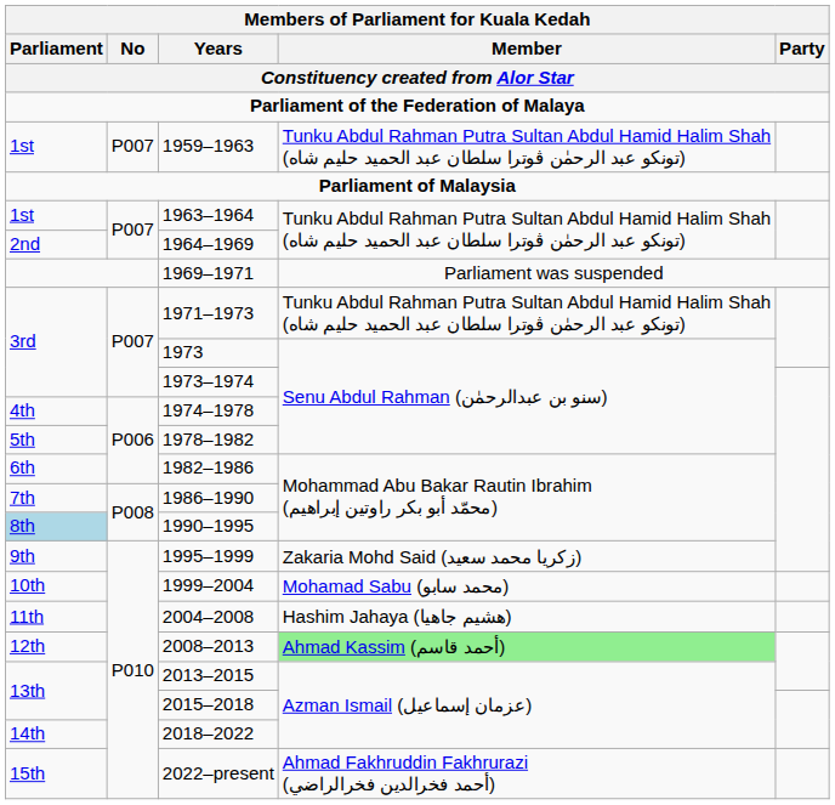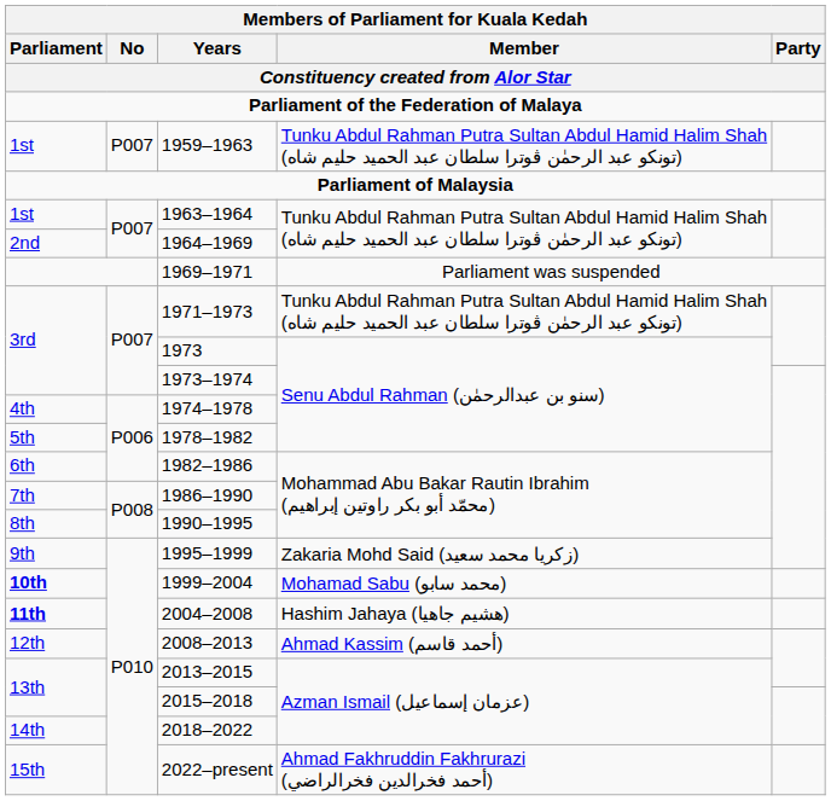 <table class=wikitable>
 <tr>
 <th colspan="5">Members of Parliament for Kuala Kedah</th>
 </tr>
 <tr>
 <th>Parliament</th>
 <th>No</th>
 <th>Years</th>
 <th>Member</th>
 <th>Party</th>
 </tr>
 <tr>
 <th colspan="5" align="center"><em>Constituency created from <a href='#'>Alor Star</a></em></th>
 </tr>
 <tr>
 <td colspan="5" align="center"><strong>Parliament of the Federation of Malaya</strong></td>
 </tr>
 <tr>
 <td><a href='#'>1st</a></td>
 <td>P007</td>
 <td>1959–1963</td>
 <td><a href='#'>Tunku Abdul Rahman Putra Sultan Abdul Hamid Halim Shah</a><br>(‏تونكو عبد الرحمٰن ڤوترا سلطان عبد الحميد حليم شاه)</td>
 <td></td>
 </tr>
 <tr>
 <td colspan="5" align="center"><strong>Parliament of Malaysia</strong></td>
 </tr>
 <tr>
 <td><a href='#'>1st</a></td>
 <td rowspan="2">P007</td>
 <td>1963–1964</td>
 <td rowspan=2>Tunku Abdul Rahman Putra Sultan Abdul Hamid Halim Shah <br>(‏تونكو عبد الرحمٰن ڤوترا سلطان عبد الحميد حليم شاه)</td>
 <td rowspan="2"></td>
 </tr>
 <tr>
 <td><a href='#'>2nd</a></td>
 <td>1964–1969</td>
 </tr>
 <tr>
 <td colspan="2"></td>
 <td>1969–1971</td>
 <td colspan=2 align=center>Parliament was suspended</td>
 </tr>
 <tr>
 <td rowspan=3><a href='#'>3rd</a></td>
 <td rowspan="3">P007</td>
 <td>1971–1973</td>
 <td>Tunku Abdul Rahman Putra Sultan Abdul Hamid Halim Shah <br>(‏تونكو عبد الرحمٰن ڤوترا سلطان عبد الحميد حليم شاه)</td>
 <td rowspan="2"></td>
 </tr>
 <tr>
 <td>1973</td>
 <td rowspan=4><a href='#'>Senu Abdul Rahman</a> (سنو بن عبدالرحمٰن)</td>
 </tr>
 <tr>
 <td>1973–1974</td>
 <td rowspan=7></td>
 </tr>
 <tr>
 <td><a href='#'>4th</a></td>
 <td rowspan="3">P006</td>
 <td>1974–1978</td>
 </tr>
 <tr>
 <td><a href='#'>5th</a></td>
 <td>1978–1982</td>
 </tr>
 <tr>
 <td><a href='#'>6th</a></td>
 <td>1982–1986</td>
 <td rowspan=3>Mohammad Abu Bakar Rautin Ibrahim<br>(محمّد أبو بكر راوتين إبراهيم)</td>
 </tr>
 <tr>
 <td><a href='#'>7th</a></td>
 <td rowspan="2">P008</td>
 <td>1986–1990</td>
 </tr>
 <tr>
-<td style="background: lightblue;"><a href='#'>8th</a></td>
+<td><a href='#'>8th</a></td>
 <td>1990–1995</td>
 </tr>
 <tr>
 <td><a href='#'>9th</a></td>
 <td rowspan=8>P010</td>
 <td>1995–1999</td>
 <td>Zakaria Mohd Said (زكريا محمد سعيد)</td>
 </tr>
 <tr>
-<td><a href='#'>10th</a></td>
+<td><strong><a href='#'>10th</a></strong></td>
 <td>1999–2004</td>
 <td><a href='#'>Mohamad Sabu</a> (محمد سابو)</td>
 <td></td>
 </tr>
 <tr>
-<td><a href='#'>11th</a></td>
+<td><strong><a href='#'>11th</a></strong></td>
 <td>2004–2008</td>
 <td>Hashim Jahaya (هشيم جاهيا)</td>
 <td></td>
 </tr>
 <tr>
 <td><a href='#'>12th</a></td>
 <td>2008–2013</td>
-<td style="background: lightgreen;"><a href='#'>Ahmad Kassim</a> (أحمد قاسم)</td>
+<td><a href='#'>Ahmad Kassim</a> (أحمد قاسم)</td>
 <td rowspan="2"></td>
 </tr>
 <tr>
 <td rowspan=2><a href='#'>13th</a></td>
 <td>2013–2015</td>
 <td rowspan=3><a href='#'>Azman Ismail</a> (عزمان إسماعيل)</td>
 </tr>
 <tr>
 <td>2015–2018</td>
 <td rowspan=2></td>
 </tr>
 <tr>
 <td><a href='#'>14th</a></td>
 <td>2018–2022</td>
 </tr>
 <tr>
 <td><a href='#'>15th</a></td>
 <td>2022–present</td>
 <td><a href='#'>Ahmad Fakhruddin Fakhrurazi</a> <br>(أحمد فخرالدين فخرالراضي)</td>
 <td></td>
 </tr>
 </table>
